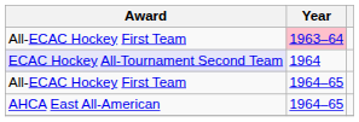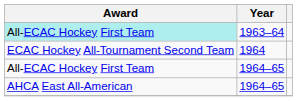 <table class="wikitable">
 <tr>
 <th>Award</th>
 <th>Year</th>
 <th></th>
 </tr>
 <tr>
-<td>All-<a href='#'>ECAC Hockey</a> <a href='#'>First Team</a></td>
-<td style="background: pink;"><a href='#'>1963–64</a></td>
+<td style="background: paleturquoise;">All-<a href='#'>ECAC Hockey</a> <a href='#'>First Team</a></td>
+<td><a href='#'>1963–64</a></td>
 <td></td>
 </tr>
 <tr>
-<td style="background: lavender;"><a href='#'>ECAC Hockey</a> <a href='#'>All-Tournament Second Team</a></td>
+<td><a href='#'>ECAC Hockey</a> <a href='#'>All-Tournament Second Team</a></td>
 <td><a href='#'>1964</a></td>
 <td></td>
 </tr>
 <tr>
 <td>All-<a href='#'>ECAC Hockey</a> <a href='#'>First Team</a></td>
 <td><a href='#'>1964–65</a></td>
 <td></td>
 </tr>
 <tr>
 <td><a href='#'>AHCA</a> <a href='#'>East All-American</a></td>
 <td><a href='#'>1964–65</a></td>
 <td></td>
 </tr>
 <tr>
 </tr>
 </table>
